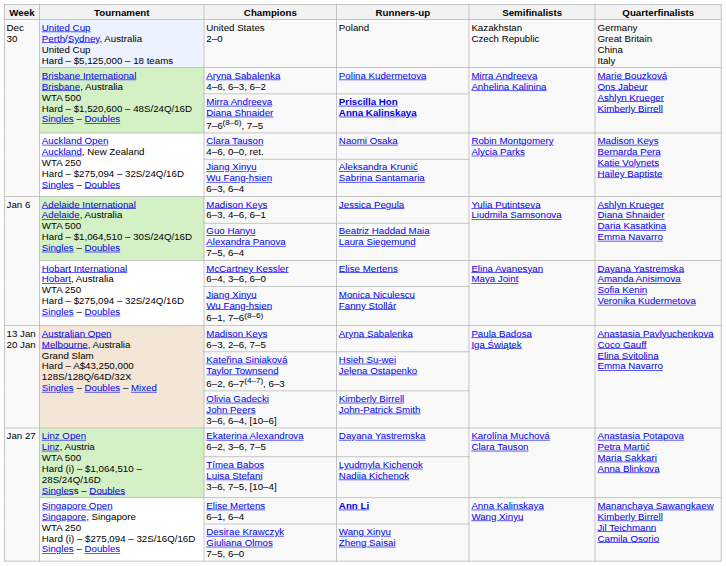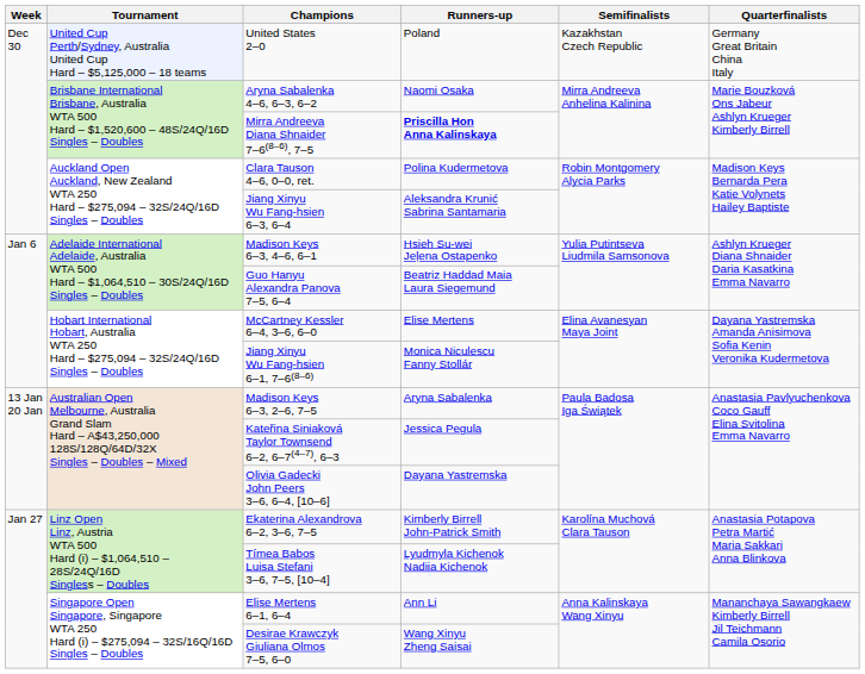 <table class=wikitable style=font-size:95%>
 <tr>
 <th style="width:48px;">Week</th>
 <th style="width:250px;">Tournament</th>
 <th style="width:200px;">Champions</th>
 <th style="width:200px;">Runners-up</th>
 <th style="width:190px;">Semifinalists</th>
 <th style="width:190px;">Quarterfinalists</th>
 </tr>
 <tr style="vertical-align:top">
 <td rowspan=5>Dec 30</td>
 <td style="background:#ecf2ff;"><a href='#'>United Cup</a><br><a href='#'>Perth</a>/<a href='#'>Sydney</a>, Australia<br>United Cup<br>Hard – $5,125,000 – 18 teams</td>
 <td> United States<br>2–0</td>
 <td> Poland</td>
 <td> Kazakhstan<br> Czech Republic</td>
 <td> Germany<br> Great Britain<br> China<br> Italy</td>
 </tr>
 <tr style="vertical-align:top">
 <td style="background:#D4F1C5;" rowspan=2><a href='#'>Brisbane International</a><br><a href='#'>Brisbane</a>, Australia<br>WTA 500<br>Hard – $1,520,600 – 48S/24Q/16D<br><a href='#'>Singles</a> – <a href='#'>Doubles</a></td>
 <td> <a href='#'>Aryna Sabalenka</a><br>4–6, 6–3, 6–2</td>
-<td> <a href='#'>Polina Kudermetova</a></td>
+<td> <a href='#'>Naomi Osaka</a></td>
 <td rowspan=2> <a href='#'>Mirra Andreeva</a><br> <a href='#'>Anhelina Kalinina</a></td>
 <td rowspan=2> <a href='#'>Marie Bouzková</a><br> <a href='#'>Ons Jabeur</a><br> <a href='#'>Ashlyn Krueger</a><br> <a href='#'>Kimberly Birrell</a></td>
 </tr>
 <tr style="vertical-align:top">
 <td> <a href='#'>Mirra Andreeva</a><br> <a href='#'>Diana Shnaider</a><br>7–6<sup>(8–6)</sup>, 7–5</td>
 <td><strong> <a href='#'>Priscilla Hon</a><br> <a href='#'>Anna Kalinskaya</a></strong></td>
 </tr>
 <tr style="vertical-align:top">
 <td rowspan=2 style="background:#fff;"><a href='#'>Auckland Open</a><br><a href='#'>Auckland</a>, New Zealand<br>WTA 250<br>Hard – $275,094 – 32S/24Q/16D<br><a href='#'>Singles</a> – <a href='#'>Doubles</a></td>
 <td> <a href='#'>Clara Tauson</a><br>4–6, 0–0, ret.</td>
-<td> <a href='#'>Naomi Osaka</a></td>
+<td> <a href='#'>Polina Kudermetova</a></td>
 <td rowspan=2> <a href='#'>Robin Montgomery</a><br> <a href='#'>Alycia Parks</a></td>
 <td rowspan=2> <a href='#'>Madison Keys</a><br> <a href='#'>Bernarda Pera</a><br> <a href='#'>Katie Volynets</a><br> <a href='#'>Hailey Baptiste</a></td>
 </tr>
 <tr style="vertical-align:top">
 <td> <a href='#'>Jiang Xinyu</a><br> <a href='#'>Wu Fang-hsien</a><br>6–3, 6–4</td>
 <td> <a href='#'>Aleksandra Krunić</a><br> <a href='#'>Sabrina Santamaria</a></td>
 </tr>
 <tr style="vertical-align:top">
 <td rowspan=4>Jan 6</td>
 <td rowspan=2 style="background:#D4F1C5;"><a href='#'>Adelaide International</a><br><a href='#'>Adelaide</a>, Australia<br>WTA 500<br>Hard – $1,064,510 – 30S/24Q/16D<br><a href='#'>Singles</a> – <a href='#'>Doubles</a></td>
 <td> <a href='#'>Madison Keys</a><br>6–3, 4–6, 6–1</td>
-<td> <a href='#'>Jessica Pegula</a></td>
+<td> <a href='#'>Hsieh Su-wei</a><br> <a href='#'>Jeļena Ostapenko</a></td>
 <td rowspan=2> <a href='#'>Yulia Putintseva</a><br> <a href='#'>Liudmila Samsonova</a></td>
 <td rowspan=2> <a href='#'>Ashlyn Krueger</a><br> <a href='#'>Diana Shnaider</a><br> <a href='#'>Daria Kasatkina</a><br> <a href='#'>Emma Navarro</a></td>
 </tr>
 <tr style="vertical-align:top">
 <td> <a href='#'>Guo Hanyu</a><br> <a href='#'>Alexandra Panova</a><br>7–5, 6–4</td>
 <td> <a href='#'>Beatriz Haddad Maia</a><br> <a href='#'>Laura Siegemund</a></td>
 </tr>
 <tr style="vertical-align:top">
 <td style="background:#fff;" rowspan=2><a href='#'>Hobart International</a><br><a href='#'>Hobart</a>, Australia<br>WTA 250<br>Hard – $275,094 – 32S/24Q/16D<br><a href='#'>Singles</a> – <a href='#'>Doubles</a></td>
 <td> <a href='#'>McCartney Kessler</a><br>6–4, 3–6, 6–0</td>
 <td> <a href='#'>Elise Mertens</a></td>
 <td rowspan=2> <a href='#'>Elina Avanesyan</a><br> <a href='#'>Maya Joint</a></td>
 <td rowspan=2> <a href='#'>Dayana Yastremska</a><br> <a href='#'>Amanda Anisimova</a><br> <a href='#'>Sofia Kenin</a><br> <a href='#'>Veronika Kudermetova</a></td>
 </tr>
 <tr style="vertical-align:top">
 <td> <a href='#'>Jiang Xinyu</a><br> <a href='#'>Wu Fang-hsien</a><br>6–1, 7–6<sup>(8–6)</sup></td>
 <td> <a href='#'>Monica Niculescu</a><br> <a href='#'>Fanny Stollár</a></td>
 </tr>
 <tr style="vertical-align:top">
 <td rowspan=3>13 Jan<br>20 Jan</td>
 <td style="background:#f3e6d7;" rowspan=3><a href='#'>Australian Open</a><br><a href='#'>Melbourne</a>, Australia<br>Grand Slam<br>Hard – A$43,250,000<br>128S/128Q/64D/32X<br><a href='#'>Singles</a> – <a href='#'>Doubles</a> – <a href='#'>Mixed</a></td>
 <td> <a href='#'>Madison Keys</a><br>6–3, 2–6, 7–5</td>
 <td> <a href='#'>Aryna Sabalenka</a></td>
 <td rowspan=3> <a href='#'>Paula Badosa</a><br> <a href='#'>Iga Świątek</a></td>
 <td rowspan=3> <a href='#'>Anastasia Pavlyuchenkova</a><br> <a href='#'>Coco Gauff</a><br> <a href='#'>Elina Svitolina</a><br> <a href='#'>Emma Navarro</a></td>
 </tr>
 <tr style="vertical-align:top">
 <td> <a href='#'>Kateřina Siniaková</a><br> <a href='#'>Taylor Townsend</a><br>6–2, 6–7<sup>(4–7)</sup>, 6–3</td>
-<td> <a href='#'>Hsieh Su-wei</a><br> <a href='#'>Jeļena Ostapenko</a></td>
+<td> <a href='#'>Jessica Pegula</a></td>
 </tr>
 <tr style="vertical-align:top">
 <td> <a href='#'>Olivia Gadecki</a><br> <a href='#'>John Peers</a><br>3–6, 6–4, [10–6]</td>
-<td> <a href='#'>Kimberly Birrell</a><br> <a href='#'>John-Patrick Smith</a></td>
+<td> <a href='#'>Dayana Yastremska</a></td>
 </tr>
 <tr style="vertical-align:top">
 <td rowspan=4>Jan 27</td>
 <td rowspan=2 style="background:#D4F1C5;"><a href='#'>Linz Open</a><br><a href='#'>Linz</a>, Austria<br>WTA 500<br>Hard (i) – $1,064,510 – 28S/24Q/16D<br><a href='#'>Singles</a>s – <a href='#'>Doubles</a></td>
 <td> <a href='#'>Ekaterina Alexandrova</a><br>6–2, 3–6, 7–5</td>
-<td> <a href='#'>Dayana Yastremska</a></td>
+<td> <a href='#'>Kimberly Birrell</a><br> <a href='#'>John-Patrick Smith</a></td>
 <td rowspan=2> <a href='#'>Karolína Muchová</a><br> <a href='#'>Clara Tauson</a></td>
 <td rowspan=2> <a href='#'>Anastasia Potapova</a><br> <a href='#'>Petra Martić</a><br> <a href='#'>Maria Sakkari</a><br> <a href='#'>Anna Blinkova</a></td>
 </tr>
 <tr style="vertical-align:top">
 <td> <a href='#'>Tímea Babos</a><br> <a href='#'>Luisa Stefani</a><br>3–6, 7–5, [10–4]</td>
 <td> <a href='#'>Lyudmyla Kichenok</a><br> <a href='#'>Nadiia Kichenok</a></td>
 </tr>
 <tr style="vertical-align:top">
 <td rowspan=2 style="background:#fff;"><a href='#'>Singapore Open</a><br><a href='#'>Singapore</a>, Singapore<br>WTA 250<br>Hard (i) – $275,094 – 32S/16Q/16D<br><a href='#'>Singles</a> – <a href='#'>Doubles</a></td>
 <td> <a href='#'>Elise Mertens</a><br>6–1, 6–4</td>
-<td><strong> <a href='#'>Ann Li</a></strong></td>
+<td> <a href='#'>Ann Li</a></td>
 <td rowspan=2> <a href='#'>Anna Kalinskaya</a><br> <a href='#'>Wang Xinyu</a></td>
 <td rowspan=2> <a href='#'>Mananchaya Sawangkaew</a><br> <a href='#'>Kimberly Birrell</a><br> <a href='#'>Jil Teichmann</a><br> <a href='#'>Camila Osorio</a></td>
 </tr>
 <tr style="vertical-align:top">
 <td> <a href='#'>Desirae Krawczyk</a><br> <a href='#'>Giuliana Olmos</a><br>7–5, 6–0</td>
 <td> <a href='#'>Wang Xinyu</a><br> <a href='#'>Zheng Saisai</a></td>
 </tr>
 </table>
